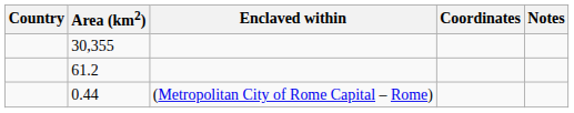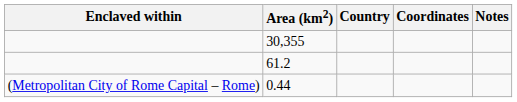 <table class="wikitable sortable" style="text-align:left; border:1px;; cellpadding:5; cellspacing:0;">
 <tr>
+<th>Enclaved within</th>
+<th data-sort-type="number">Area (km<sup>2</sup>)</th>
 <th>Country</th>
-<th data-sort-type="number">Area (km<sup>2</sup>)</th>
-<th>Enclaved within</th>
 <th>Coordinates</th>
 <th>Notes</th>
 </tr>
 <tr>
 <td></td>
 <td>30,355</td>
 <td></td>
 <td></td>
 <td></td>
 </tr>
 <tr>
 <td></td>
 <td>61.2</td>
 <td></td>
 <td></td>
 <td></td>
 </tr>
 <tr>
+<td> (<a href='#'>Metropolitan City of Rome Capital</a> – <a href='#'>Rome</a>)</td>
+<td>0.44</td>
 <td></td>
-<td>0.44</td>
-<td> (<a href='#'>Metropolitan City of Rome Capital</a> – <a href='#'>Rome</a>)</td>
 <td></td>
 <td></td>
 </tr>
 </table>
